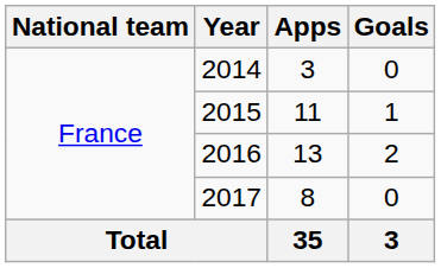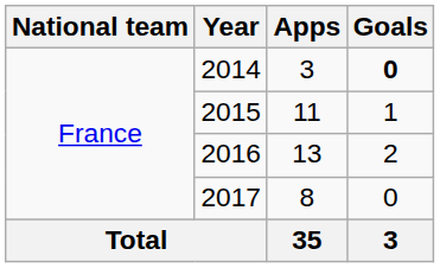 <table class="wikitable" style="text-align:center">
 <tr>
 <th>National team</th>
 <th>Year</th>
 <th>Apps</th>
 <th>Goals</th>
 </tr>
 <tr>
 <td rowspan="4"><a href='#'>France</a></td>
 <td>2014</td>
 <td>3</td>
-<td>0</td>
+<td><strong>0</strong></td>
 </tr>
 <tr>
 <td>2015</td>
 <td>11</td>
 <td>1</td>
 </tr>
 <tr>
 <td>2016</td>
 <td>13</td>
 <td>2</td>
 </tr>
 <tr>
 <td>2017</td>
 <td>8</td>
 <td>0</td>
 </tr>
 <tr>
 <th colspan="2">Total</th>
 <th>35</th>
 <th>3</th>
 </tr>
 </table>
